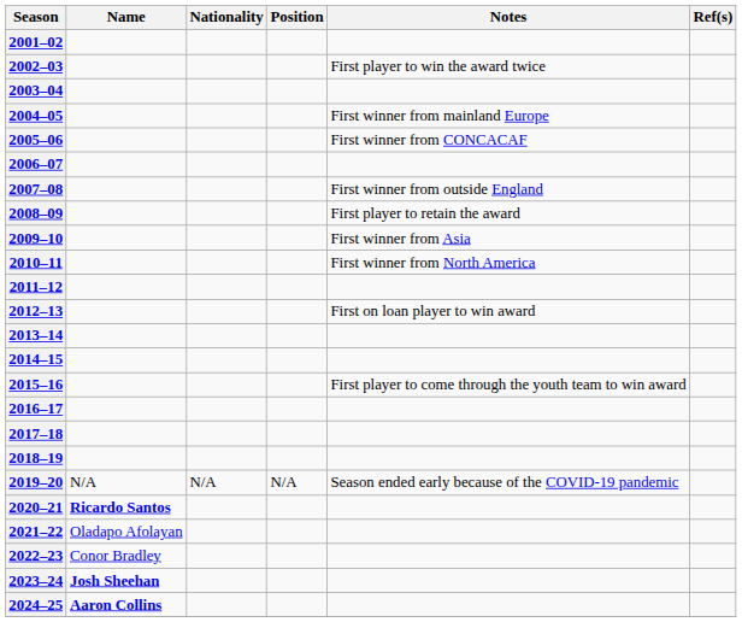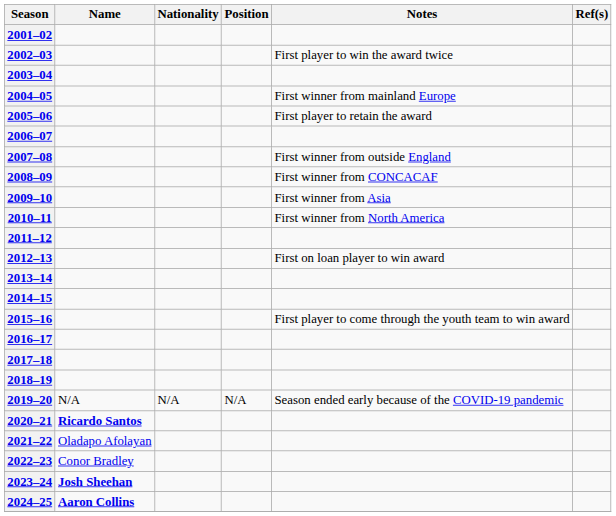 <table class="wikitable plainrowheaders sortable">
 <tr>
 <th scope="col">Season</th>
 <th scope="col">Name</th>
 <th scope="col">Nationality</th>
 <th scope="col">Position</th>
 <th scope="col">Notes</th>
 <th scope="col" class="unsortable">Ref(s)</th>
 </tr>
 <tr>
 <th scope="row" style="text-align:center"><a href='#'>2001–02</a></th>
 <td></td>
 <td></td>
 <td></td>
 <td></td>
 <td></td>
 </tr>
 <tr>
 <th scope="row" style="text-align:center"><a href='#'>2002–03</a></th>
 <td></td>
 <td></td>
 <td></td>
 <td>First player to win the award twice</td>
 <td></td>
 </tr>
 <tr>
 <th scope="row" style="text-align:center"><a href='#'>2003–04</a></th>
 <td></td>
 <td></td>
 <td></td>
 <td></td>
 <td></td>
 </tr>
 <tr>
 <th scope="row" style="text-align:center"><a href='#'>2004–05</a></th>
 <td></td>
 <td></td>
 <td></td>
 <td>First winner from mainland <a href='#'>Europe</a></td>
 <td></td>
 </tr>
 <tr>
 <th scope="row" style="text-align:center"><a href='#'>2005–06</a></th>
 <td></td>
 <td></td>
 <td></td>
-<td>First winner from <a href='#'>CONCACAF</a></td>
+<td>First player to retain the award</td>
 <td></td>
 </tr>
 <tr>
 <th scope="row" style="text-align:center"><a href='#'>2006–07</a></th>
 <td></td>
 <td></td>
 <td></td>
 <td></td>
 <td></td>
 </tr>
 <tr>
 <th scope="row" style="text-align:center"><a href='#'>2007–08</a></th>
 <td></td>
 <td></td>
 <td></td>
 <td>First winner from outside <a href='#'>England</a></td>
 <td></td>
 </tr>
 <tr>
 <th scope="row" style="text-align:center"><a href='#'>2008–09</a></th>
 <td></td>
 <td></td>
 <td></td>
-<td>First player to retain the award</td>
+<td>First winner from <a href='#'>CONCACAF</a></td>
 <td></td>
 </tr>
 <tr>
 <th scope="row" style="text-align:center"><a href='#'>2009–10</a></th>
 <td></td>
 <td></td>
 <td></td>
 <td>First winner from <a href='#'>Asia</a></td>
 <td></td>
 </tr>
 <tr>
 <th scope="row" style="text-align:center"><a href='#'>2010–11</a></th>
 <td></td>
 <td></td>
 <td></td>
 <td>First winner from <a href='#'>North America</a></td>
 <td></td>
 </tr>
 <tr>
 <th scope="row" style="text-align:center"><a href='#'>2011–12</a></th>
 <td></td>
 <td></td>
 <td></td>
 <td></td>
 <td></td>
 </tr>
 <tr>
 <th scope="row" style="text-align:center"><a href='#'>2012–13</a></th>
 <td></td>
 <td></td>
 <td></td>
 <td>First on loan player to win award</td>
 <td></td>
 </tr>
 <tr>
 <th scope="row" style="text-align:center"><a href='#'>2013–14</a></th>
 <td></td>
 <td></td>
 <td></td>
 <td></td>
 <td></td>
 </tr>
 <tr>
 <th scope="row" style="text-align:center"><a href='#'>2014–15</a></th>
 <td></td>
 <td></td>
 <td></td>
 <td></td>
 <td></td>
 </tr>
 <tr>
 <th scope="row" style="text-align:center"><a href='#'>2015–16</a></th>
 <td></td>
 <td></td>
 <td></td>
 <td>First player to come through the youth team to win award</td>
 <td></td>
 </tr>
 <tr>
 <th scope="row" style="text-align:center"><a href='#'>2016–17</a></th>
 <td></td>
 <td></td>
 <td></td>
 <td></td>
 <td></td>
 </tr>
 <tr>
 <th scope="row" style="text-align:center"><a href='#'>2017–18</a></th>
 <td></td>
 <td></td>
 <td></td>
 <td></td>
 <td></td>
 </tr>
 <tr>
 <th scope="row" style="text-align:center"><a href='#'>2018–19</a></th>
 <td></td>
 <td></td>
 <td></td>
 <td></td>
 <td></td>
 </tr>
 <tr>
 <th scope="row" style="text-align:center"><a href='#'>2019–20</a></th>
 <td>N/A</td>
 <td>N/A</td>
 <td>N/A</td>
 <td>Season ended early because of the <a href='#'>COVID-19 pandemic</a></td>
 <td></td>
 </tr>
 <tr>
 <th scope="row" style="text-align:center"><a href='#'>2020–21</a></th>
 <td><strong><a href='#'>Ricardo Santos</a></strong></td>
 <td></td>
 <td></td>
 <td></td>
 <td></td>
 </tr>
 <tr>
 <th scope="row" style="text-align:center"><a href='#'>2021–22</a></th>
 <td><a href='#'>Oladapo Afolayan</a></td>
 <td></td>
 <td></td>
 <td></td>
 <td></td>
 </tr>
 <tr>
 <th scope="row" style="text-align:center"><a href='#'>2022–23</a></th>
 <td><a href='#'>Conor Bradley</a></td>
 <td></td>
 <td></td>
 <td></td>
 <td></td>
 </tr>
 <tr>
 <th scope="row" style="text-align:center"><a href='#'>2023–24</a></th>
 <td><strong><a href='#'>Josh Sheehan</a></strong></td>
 <td></td>
 <td></td>
 <td></td>
 <td></td>
 </tr>
 <tr>
 <th scope="row" style="text-align:center"><a href='#'>2024–25</a></th>
 <td><strong><a href='#'>Aaron Collins</a></strong></td>
 <td></td>
 <td></td>
 <td></td>
 <td></td>
 </tr>
 <tr>
 </tr>
 </table>
